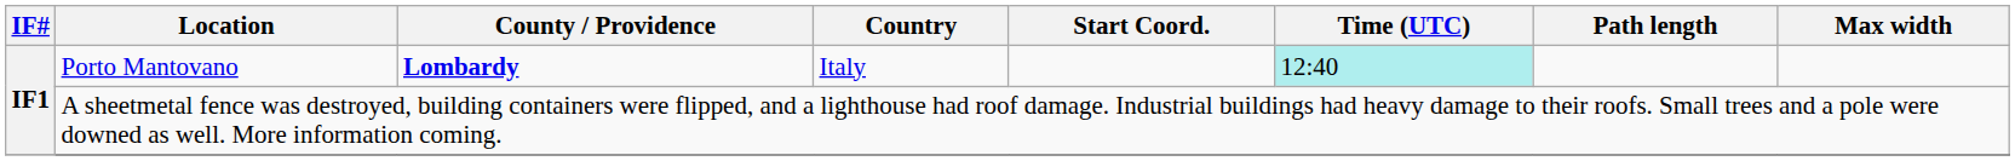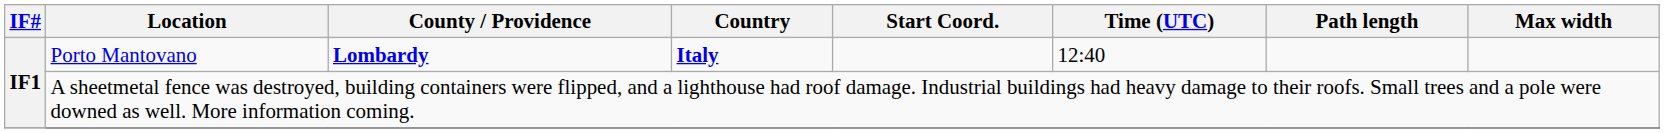 <table class="wikitable sortable" style="width:100%;">
 <tr>
 <th scope="col" width="2%" align="center"><a href='#'>IF#</a></th>
 <th scope="col" align="center" class="unsortable">Location</th>
 <th scope="col" align="center" class="unsortable">County / Providence</th>
 <th scope="col" align="center">Country</th>
 <th scope="col" align="center">Start Coord.</th>
 <th scope="col" align="center">Time (<a href='#'>UTC</a>)</th>
 <th scope="col" align="center">Path length</th>
 <th scope="col" align="center">Max width</th>
 </tr>
 <tr>
 <th scope="row" rowspan="2" style="background-color:#">IF1</th>
 <td><a href='#'>Porto Mantovano</a></td>
 <td><strong><a href='#'>Lombardy</a></strong></td>
-<td><a href='#'>Italy</a></td>
+<td><strong><a href='#'>Italy</a></strong></td>
 <td></td>
-<td style="background: paleturquoise;">12:40</td>
+<td>12:40</td>
 <td></td>
 <td></td>
 </tr>
 <tr class="expand-child">
 <td colspan="8" style=" border-bottom: 1px solid black;">A sheetmetal fence was destroyed, building containers were flipped, and a lighthouse had roof damage. Industrial buildings had heavy damage to their roofs. Small trees and a pole were downed as well. More information coming.</td>
 </tr>
 <tr>
 </tr>
 </table>
